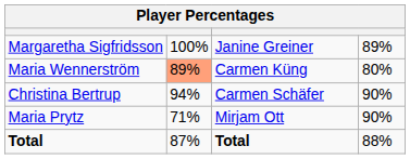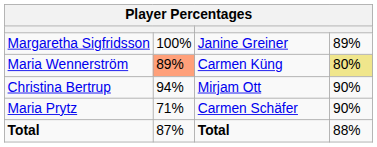 <table class="wikitable">
 <tr>
 <th colspan=4 width=400>Player Percentages</th>
 </tr>
 <tr>
 <th colspan=2 width=200></th>
 <th colspan=2 width=200></th>
 </tr>
 <tr>
 <td><a href='#'>Margaretha Sigfridsson</a></td>
 <td>100%</td>
 <td><a href='#'>Janine Greiner</a></td>
 <td>89%</td>
 </tr>
 <tr>
 <td><a href='#'>Maria Wennerström</a></td>
 <td style="background: lightsalmon;">89%</td>
 <td><a href='#'>Carmen Küng</a></td>
-<td>80%</td>
+<td style="background: khaki;">80%</td>
 </tr>
 <tr>
 <td><a href='#'>Christina Bertrup</a></td>
 <td>94%</td>
-<td><a href='#'>Carmen Schäfer</a></td>
+<td><a href='#'>Mirjam Ott</a></td>
 <td>90%</td>
 </tr>
 <tr>
 <td><a href='#'>Maria Prytz</a></td>
 <td>71%</td>
-<td><a href='#'>Mirjam Ott</a></td>
+<td><a href='#'>Carmen Schäfer</a></td>
 <td>90%</td>
 </tr>
 <tr>
 <td><strong>Total</strong></td>
 <td>87%</td>
 <td><strong>Total</strong></td>
 <td>88%</td>
 </tr>
 </table>
